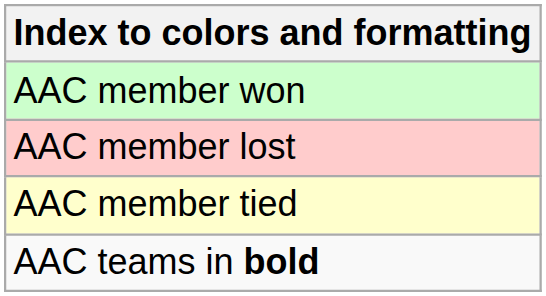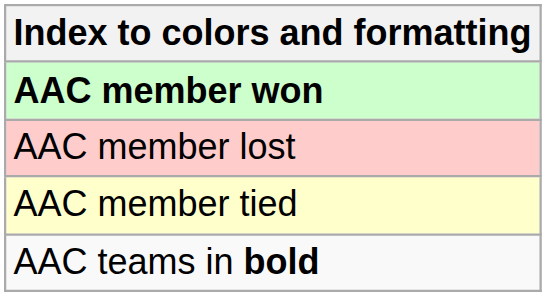 <table class="wikitable">
 <tr>
 <th>Index to colors and formatting</th>
 </tr>
 <tr style="background:#cfc;">
-<td>AAC member won</td>
+<td><strong>AAC member won</strong></td>
 </tr>
 <tr style="background:#fcc;">
 <td>AAC member lost</td>
 </tr>
 <tr style="background:#ffc;">
 <td>AAC member tied</td>
 </tr>
 <tr>
 <td>AAC teams in <strong>bold</strong></td>
 </tr>
 </table>
